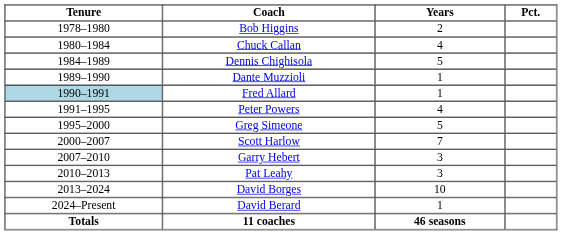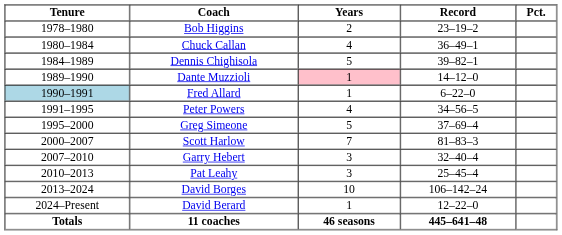 <table cellpadding="1" border="1" cellspacing="0" width="60%">
 <tr>
 <th>Tenure</th>
 <th>Coach</th>
 <th>Years</th>
+<th>Record</th>
 <th>Pct.</th>
 </tr>
 <tr align="center">
 <td>1978–1980</td>
 <td><a href='#'>Bob Higgins</a></td>
 <td>2</td>
+<td>23–19–2</td>
 <td></td>
 </tr>
 <tr align="center">
 <td>1980–1984</td>
 <td><a href='#'>Chuck Callan</a></td>
 <td>4</td>
+<td>36–49–1</td>
 <td></td>
 </tr>
 <tr align="center">
 <td>1984–1989</td>
 <td><a href='#'>Dennis Chighisola</a></td>
 <td>5</td>
+<td>39–82–1</td>
 <td></td>
 </tr>
 <tr align="center">
 <td>1989–1990</td>
 <td><a href='#'>Dante Muzzioli</a></td>
-<td>1</td>
+<td style="background: pink;">1</td>
+<td>14–12–0</td>
 <td></td>
 </tr>
 <tr align="center">
 <td style="background: lightblue;">1990–1991</td>
 <td><a href='#'>Fred Allard</a></td>
 <td>1</td>
+<td>6–22–0</td>
 <td></td>
 </tr>
 <tr align="center">
 <td>1991–1995</td>
 <td><a href='#'>Peter Powers</a></td>
 <td>4</td>
+<td>34–56–5</td>
 <td></td>
 </tr>
 <tr align="center">
 <td>1995–2000</td>
 <td><a href='#'>Greg Simeone</a></td>
 <td>5</td>
+<td>37–69–4</td>
 <td></td>
 </tr>
 <tr align="center">
 <td>2000–2007</td>
 <td><a href='#'>Scott Harlow</a></td>
 <td>7</td>
+<td>81–83–3</td>
 <td></td>
 </tr>
 <tr align="center">
 <td>2007–2010</td>
 <td><a href='#'>Garry Hebert</a></td>
 <td>3</td>
+<td>32–40–4</td>
 <td></td>
 </tr>
 <tr align="center">
 <td>2010–2013</td>
 <td><a href='#'>Pat Leahy</a></td>
 <td>3</td>
+<td>25–45–4</td>
 <td></td>
 </tr>
 <tr align="center">
 <td>2013–2024</td>
 <td><a href='#'>David Borges</a></td>
 <td>10</td>
+<td>106–142–24</td>
 <td></td>
 </tr>
 <tr align="center">
 <td>2024–Present</td>
 <td><a href='#'>David Berard</a></td>
 <td>1</td>
+<td>12–22–0</td>
 <td></td>
 </tr>
 <tr align="center">
 <th>Totals</th>
 <th>11 coaches</th>
 <th>46 seasons</th>
+<th>445–641–48</th>
 <th></th>
 </tr>
 </table>
